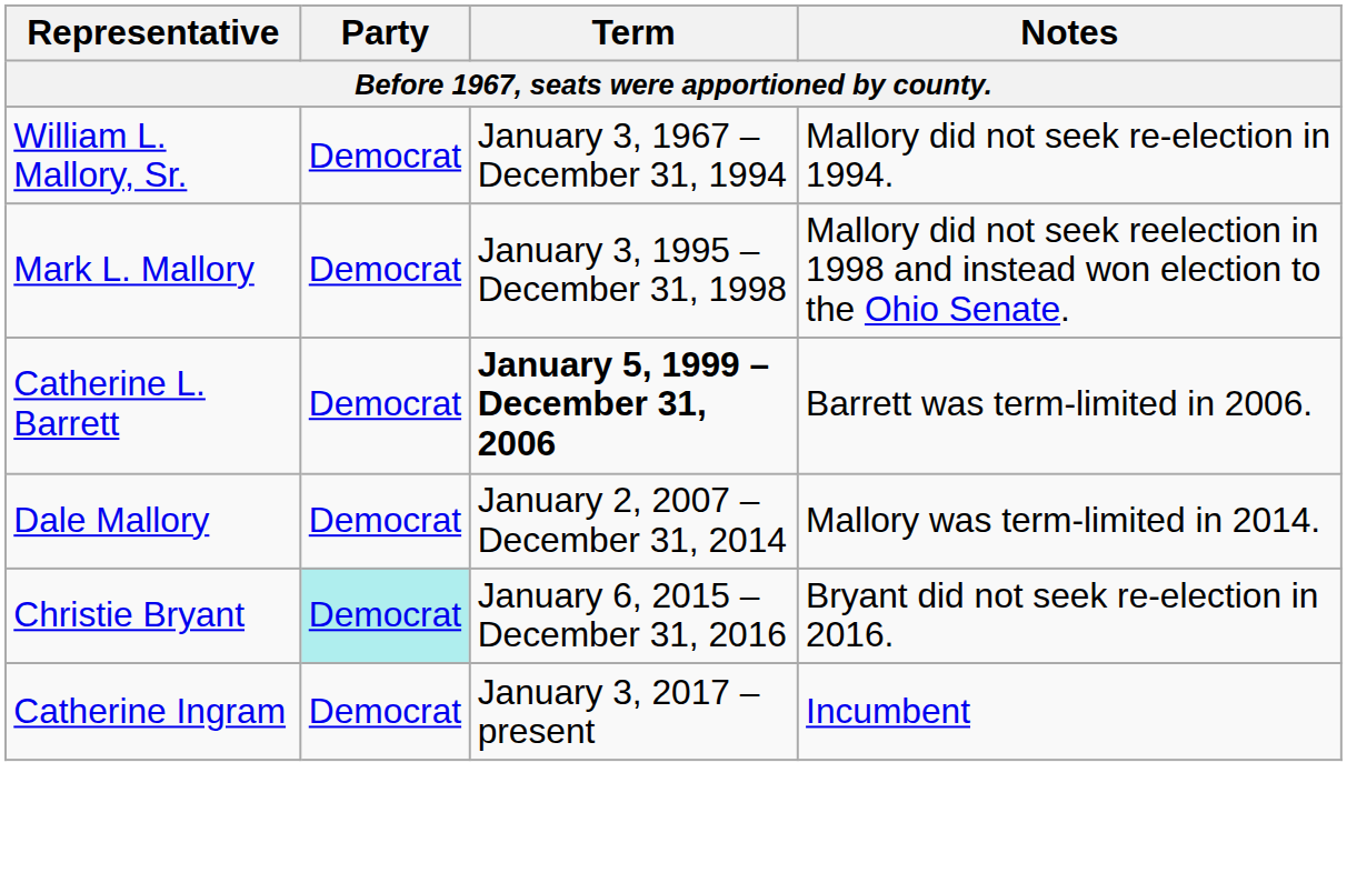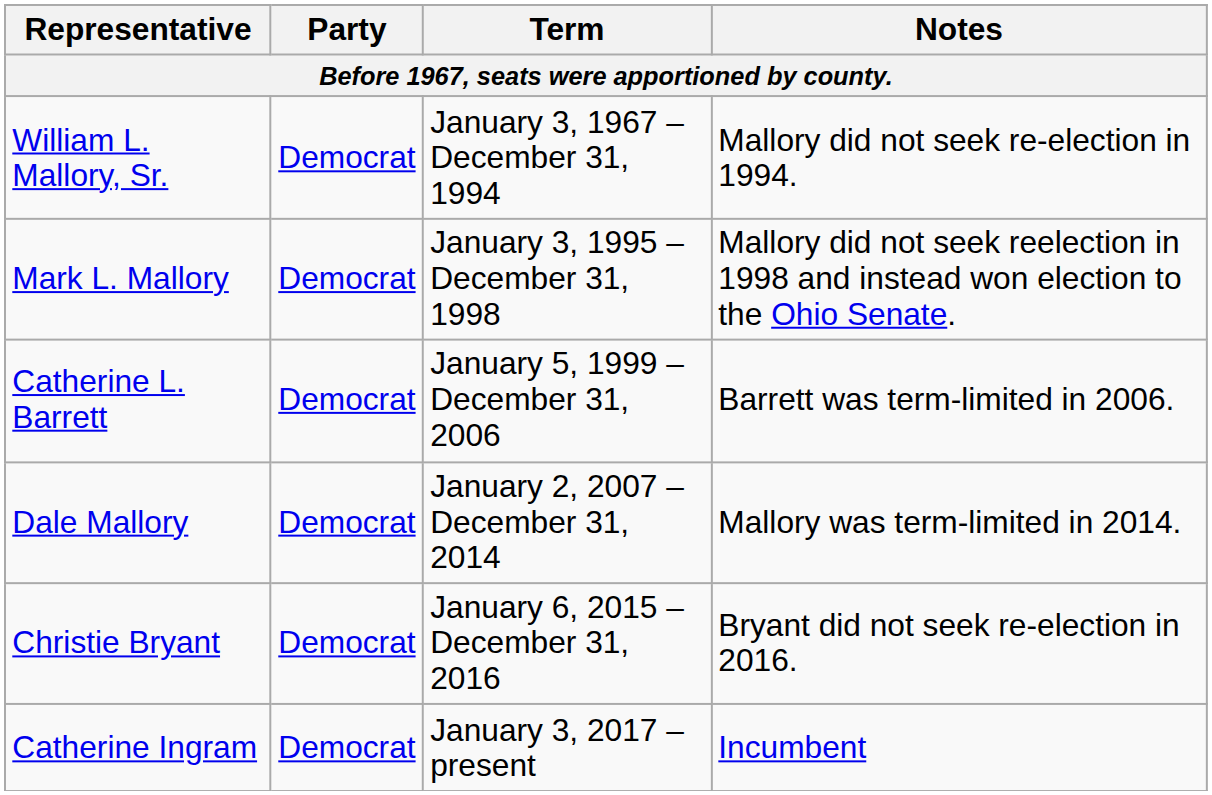 <table class=wikitable>
 <tr valign=bottom>
 <th>Representative</th>
 <th>Party</th>
 <th>Term</th>
 <th>Notes</th>
 </tr>
 <tr>
 <th colspan=5 style="font-size: 80%;"><em>Before 1967, seats were apportioned by county.</em></th>
 </tr>
 <tr>
 <td><a href='#'>William L. Mallory, Sr.</a></td>
 <td><a href='#'>Democrat</a></td>
 <td>January 3, 1967 – December 31, 1994</td>
 <td>Mallory did not seek re-election in 1994.</td>
 </tr>
 <tr>
 <td><a href='#'>Mark L. Mallory</a></td>
 <td><a href='#'>Democrat</a></td>
 <td>January 3, 1995 – December 31, 1998</td>
 <td>Mallory did not seek reelection in 1998 and instead won election to the <a href='#'>Ohio Senate</a>.</td>
 </tr>
 <tr>
 <td><a href='#'>Catherine L. Barrett</a></td>
 <td><a href='#'>Democrat</a></td>
-<td><strong>January 5, 1999 – December 31, 2006</strong></td>
+<td>January 5, 1999 – December 31, 2006</td>
 <td>Barrett was term-limited in 2006.</td>
 </tr>
 <tr>
 <td><a href='#'>Dale Mallory</a></td>
 <td><a href='#'>Democrat</a></td>
 <td>January 2, 2007 – December 31, 2014</td>
 <td>Mallory was term-limited in 2014.</td>
 </tr>
 <tr>
 <td><a href='#'>Christie Bryant</a></td>
-<td style="background: paleturquoise;"><a href='#'>Democrat</a></td>
+<td><a href='#'>Democrat</a></td>
 <td>January 6, 2015 – December 31, 2016</td>
 <td>Bryant did not seek re-election in 2016.</td>
 </tr>
 <tr>
 <td><a href='#'>Catherine Ingram</a></td>
 <td><a href='#'>Democrat</a></td>
 <td>January 3, 2017 – present</td>
 <td><a href='#'>Incumbent</a></td>
 </tr>
 </table>
